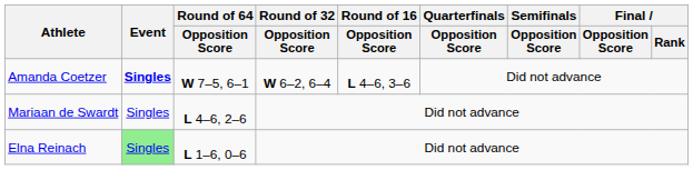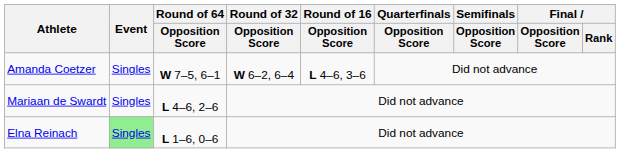 <table class=wikitable style="font-size:90%">
 <tr>
 <th rowspan=2>Athlete</th>
 <th rowspan=2>Event</th>
 <th>Round of 64</th>
 <th>Round of 32</th>
 <th>Round of 16</th>
 <th>Quarterfinals</th>
 <th>Semifinals</th>
 <th colspan=2>Final / </th>
 </tr>
 <tr style="font-size:95%">
 <th>Opposition<br>Score</th>
 <th>Opposition<br>Score</th>
 <th>Opposition<br>Score</th>
 <th>Opposition<br>Score</th>
 <th>Opposition<br>Score</th>
 <th>Opposition<br>Score</th>
 <th>Rank</th>
 </tr>
 <tr align=center>
 <td align=left><a href='#'>Amanda Coetzer</a></td>
-<td><strong><a href='#'>Singles</a></strong></td>
+<td><a href='#'>Singles</a></td>
 <td><br><strong>W</strong>  7–5, 6–1</td>
 <td><br><strong>W</strong> 6–2, 6–4</td>
 <td><br><strong>L</strong>  4–6, 3–6</td>
 <td colspan=4>Did not advance</td>
 </tr>
 <tr align=center>
 <td align=left><a href='#'>Mariaan de Swardt</a></td>
 <td><a href='#'>Singles</a></td>
 <td><br><strong>L</strong> 4–6, 2–6</td>
 <td colspan=6>Did not advance</td>
 </tr>
 <tr align=center>
 <td align=left><a href='#'>Elna Reinach</a></td>
 <td style="background: lightgreen;"><a href='#'>Singles</a></td>
 <td><br><strong>L</strong>   1–6, 0–6</td>
 <td colspan=6>Did not advance</td>
 </tr>
 </table>
